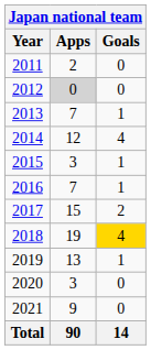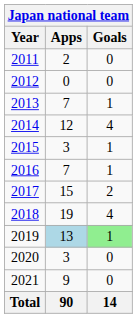 <table class="wikitable" style="text-align:center">
 <tr>
 <th colspan=3><a href='#'>Japan national team</a></th>
 </tr>
 <tr>
 <th>Year</th>
 <th>Apps</th>
 <th>Goals</th>
 </tr>
 <tr>
 <td><a href='#'>2011</a></td>
 <td>2</td>
 <td>0</td>
 </tr>
 <tr>
 <td><a href='#'>2012</a></td>
-<td style="background: lightgrey;">0</td>
+<td>0</td>
 <td>0</td>
 </tr>
 <tr>
 <td><a href='#'>2013</a></td>
 <td>7</td>
 <td>1</td>
 </tr>
 <tr>
 <td><a href='#'>2014</a></td>
 <td>12</td>
 <td>4</td>
 </tr>
 <tr>
 <td><a href='#'>2015</a></td>
 <td>3</td>
 <td>1</td>
 </tr>
 <tr>
 <td><a href='#'>2016</a></td>
 <td>7</td>
 <td>1</td>
 </tr>
 <tr>
 <td><a href='#'>2017</a></td>
 <td>15</td>
 <td>2</td>
 </tr>
 <tr>
 <td><a href='#'>2018</a></td>
 <td>19</td>
-<td style="background: gold;">4</td>
+<td>4</td>
 </tr>
 <tr>
 <td>2019</td>
-<td>13</td>
-<td>1</td>
+<td style="background: lightblue;">13</td>
+<td style="background: lightgreen;">1</td>
 </tr>
 <tr>
 <td>2020</td>
 <td>3</td>
 <td>0</td>
 </tr>
 <tr>
 <td>2021</td>
 <td>9</td>
 <td>0</td>
 </tr>
 <tr>
 <th>Total</th>
 <th>90</th>
 <th>14</th>
 </tr>
 </table>
